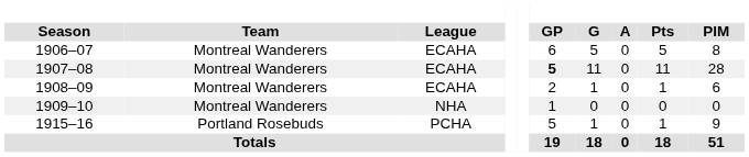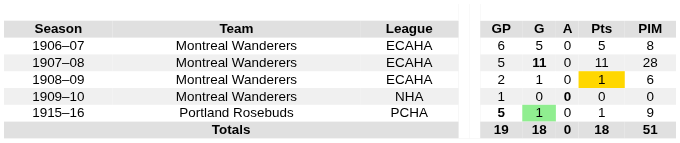 <table border="0" cellpadding="1" cellspacing="0" style="text-align:center; width:50em">
 <tr bgcolor="#e0e0e0">
 <th colspan="3" bgcolor="#ffffff"> </th>
 <th rowspan="99" bgcolor="#ffffff"> </th>
 <th rowspan="99" bgcolor="#ffffff"> </th>
 </tr>
 <tr bgcolor="#e0e0e0">
 <th>Season</th>
 <th>Team</th>
 <th>League</th>
 <th>GP</th>
 <th>G</th>
 <th>A</th>
 <th>Pts</th>
 <th>PIM</th>
 </tr>
 <tr>
 <td>1906–07</td>
 <td>Montreal Wanderers</td>
 <td>ECAHA</td>
 <td>6</td>
 <td>5</td>
 <td>0</td>
 <td>5</td>
 <td>8</td>
 </tr>
 <tr bgcolor="#f0f0f0">
 <td>1907–08</td>
 <td>Montreal Wanderers</td>
 <td>ECAHA</td>
-<td><strong>5</strong></td>
-<td>11</td>
+<td>5</td>
+<td><strong>11</strong></td>
 <td>0</td>
 <td>11</td>
 <td>28</td>
 </tr>
 <tr>
 <td>1908–09</td>
 <td>Montreal Wanderers</td>
 <td>ECAHA</td>
 <td>2</td>
 <td>1</td>
 <td>0</td>
-<td>1</td>
+<td style="background: gold;">1</td>
 <td>6</td>
 </tr>
 <tr bgcolor="#f0f0f0">
 <td>1909–10</td>
 <td>Montreal Wanderers</td>
 <td>NHA</td>
 <td>1</td>
 <td>0</td>
-<td>0</td>
+<td><strong>0</strong></td>
 <td>0</td>
 <td>0</td>
 </tr>
 <tr>
 <td>1915–16</td>
 <td>Portland Rosebuds</td>
 <td>PCHA</td>
-<td>5</td>
-<td>1</td>
+<td><strong>5</strong></td>
+<td style="background: lightgreen;">1</td>
 <td>0</td>
 <td>1</td>
 <td>9</td>
 </tr>
 <tr bgcolor="#E0E0E0">
 <th colspan="3">Totals</th>
 <th>19</th>
 <th>18</th>
 <th>0</th>
 <th>18</th>
 <th>51</th>
 </tr>
 </table>
